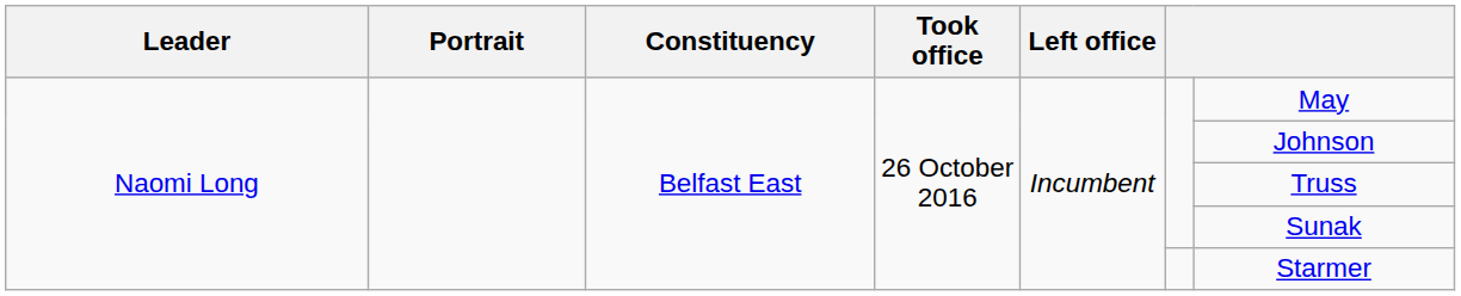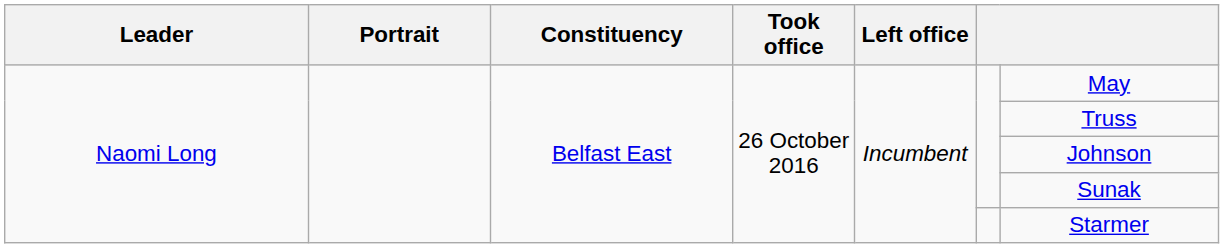 <table class="wikitable" style="text-align:center">
 <tr>
 <th style="width:25%;">Leader<br></th>
 <th width=60>Portrait</th>
 <th style="width:20%;">Constituency</th>
 <th style="width:10%;">Took office</th>
 <th style="width:10%;">Left office</th>
 <th colspan="2" style="width:20%;"></th>
 </tr>
 <tr>
 <td rowspan=5><a href='#'>Naomi Long</a><br></td>
 <td rowspan=5></td>
 <td rowspan=5><a href='#'>Belfast East</a> </td>
 <td rowspan=5>26 October 2016</td>
 <td rowspan=5><em>Incumbent</em></td>
 <td rowspan=4 style="background-color: "></td>
 <td><a href='#'>May</a></td>
 </tr>
 <tr>
-<td><a href='#'>Johnson</a></td>
+<td><a href='#'>Truss</a></td>
 </tr>
 <tr>
-<td><a href='#'>Truss</a></td>
+<td><a href='#'>Johnson</a></td>
 </tr>
 <tr>
 <td><a href='#'>Sunak</a></td>
 </tr>
 <tr>
 <td style="background-color: "></td>
 <td><a href='#'>Starmer</a></td>
 </tr>
 </table>
